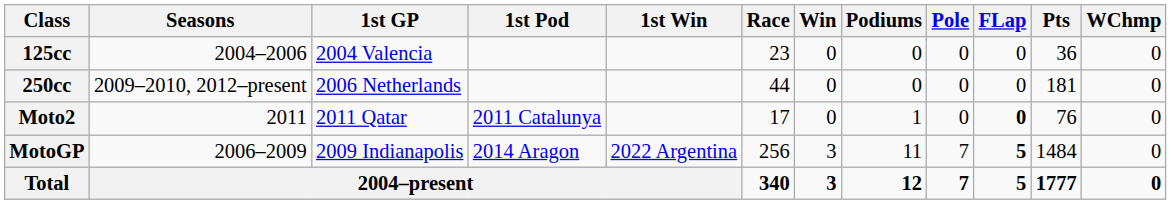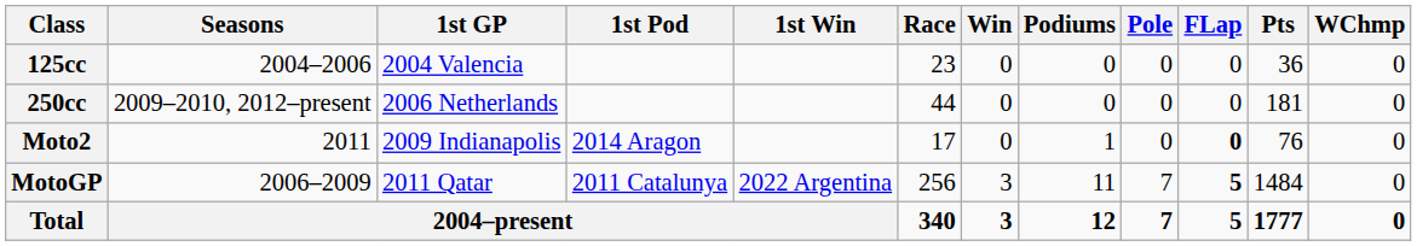 <table class="wikitable" style=text-align:right>
 <tr>
 <th>Class</th>
 <th>Seasons</th>
 <th>1st GP</th>
 <th>1st Pod</th>
 <th>1st Win</th>
 <th>Race</th>
 <th>Win</th>
 <th>Podiums</th>
 <th><a href='#'>Pole</a></th>
 <th><a href='#'>FLap</a></th>
 <th>Pts</th>
 <th>WChmp</th>
 </tr>
 <tr>
 <th>125cc</th>
 <td>2004–2006</td>
 <td align=left><a href='#'>2004 Valencia</a></td>
 <td align=left></td>
 <td align=left></td>
 <td>23</td>
 <td>0</td>
 <td>0</td>
 <td>0</td>
 <td>0</td>
 <td>36</td>
 <td>0</td>
 </tr>
 <tr>
 <th>250cc</th>
 <td>2009–2010, 2012–present</td>
 <td align="left"><a href='#'>2006 Netherlands</a></td>
 <td align="left"></td>
 <td align="left"></td>
 <td>44</td>
 <td>0</td>
 <td>0</td>
 <td>0</td>
 <td>0</td>
 <td>181</td>
 <td>0</td>
 </tr>
 <tr>
 <th>Moto2</th>
 <td>2011</td>
-<td align=left><a href='#'>2011 Qatar</a></td>
-<td align=left><a href='#'>2011 Catalunya</a></td>
+<td align=left><a href='#'>2009 Indianapolis</a></td>
+<td align=left><a href='#'>2014 Aragon</a></td>
 <td align=left></td>
 <td>17</td>
 <td>0</td>
 <td>1</td>
 <td>0</td>
 <td><strong>0</strong></td>
 <td>76</td>
 <td>0</td>
 </tr>
 <tr>
 <th>MotoGP</th>
 <td>2006–2009</td>
-<td align=left><a href='#'>2009 Indianapolis</a></td>
-<td align=left><a href='#'>2014 Aragon</a></td>
+<td align=left><a href='#'>2011 Qatar</a></td>
+<td align=left><a href='#'>2011 Catalunya</a></td>
 <td align=left><a href='#'>2022 Argentina</a></td>
 <td>256</td>
 <td>3</td>
 <td>11</td>
 <td>7</td>
 <td><strong>5</strong></td>
 <td>1484</td>
 <td>0</td>
 </tr>
 <tr>
 <th>Total</th>
 <th colspan=4>2004–present</th>
 <td><strong>340</strong></td>
 <td><strong>3</strong></td>
 <td><strong>12</strong></td>
 <td><strong>7</strong></td>
 <td><strong>5</strong></td>
 <td><strong>1777</strong></td>
 <td><strong>0</strong></td>
 </tr>
 </table>
